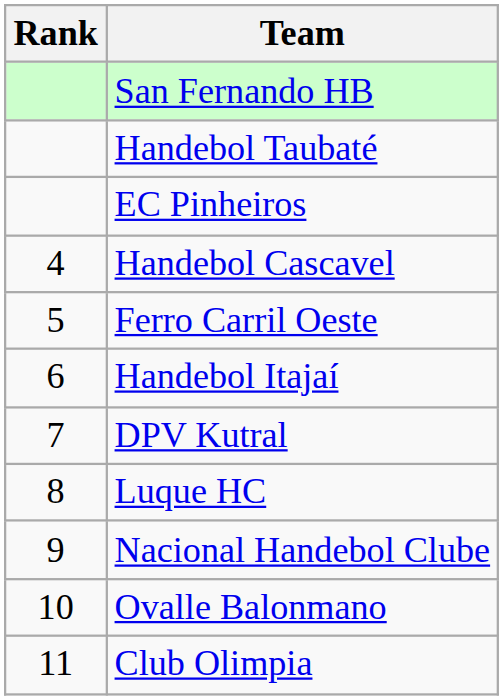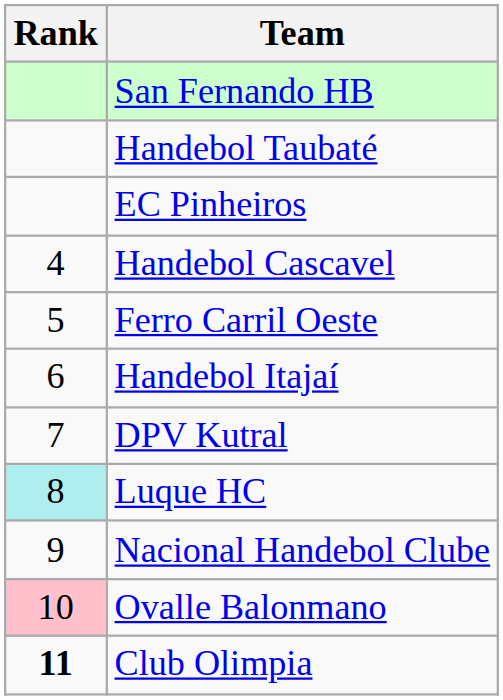 <table class="wikitable">
 <tr>
 <th>Rank</th>
 <th>Team</th>
 </tr>
 <tr bgcolor=ccffcc>
 <td align=center></td>
 <td> <a href='#'>San Fernando HB</a></td>
 </tr>
 <tr>
 <td align=center></td>
 <td> <a href='#'>Handebol Taubaté</a></td>
 </tr>
 <tr>
 <td align=center></td>
 <td> <a href='#'>EC Pinheiros</a></td>
 </tr>
 <tr>
 <td align=center>4</td>
 <td> <a href='#'>Handebol Cascavel</a></td>
 </tr>
 <tr>
 <td align=center>5</td>
 <td> <a href='#'>Ferro Carril Oeste</a></td>
 </tr>
 <tr>
 <td align=center>6</td>
 <td> <a href='#'>Handebol Itajaí</a></td>
 </tr>
 <tr>
 <td align=center>7</td>
 <td> <a href='#'>DPV Kutral</a></td>
 </tr>
 <tr>
-<td align=center>8</td>
+<td align=center style="background: paleturquoise;">8</td>
 <td> <a href='#'>Luque HC</a></td>
 </tr>
 <tr>
 <td align=center>9</td>
 <td> <a href='#'>Nacional Handebol Clube</a></td>
 </tr>
 <tr>
-<td align=center>10</td>
+<td align=center style="background: pink;">10</td>
 <td> <a href='#'>Ovalle Balonmano</a></td>
 </tr>
 <tr>
-<td align=center>11</td>
+<td align=center><strong>11</strong></td>
 <td> <a href='#'>Club Olimpia</a></td>
 </tr>
 </table>
